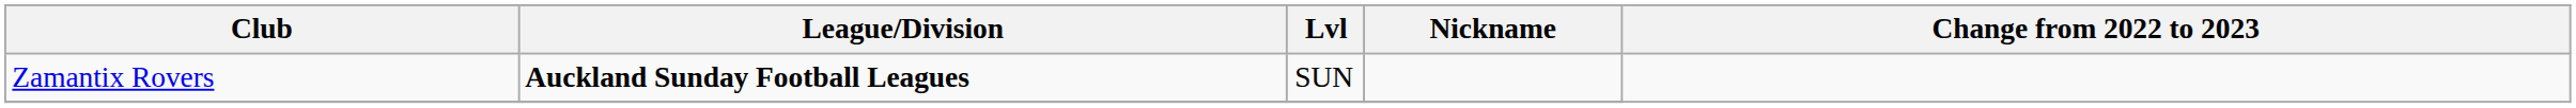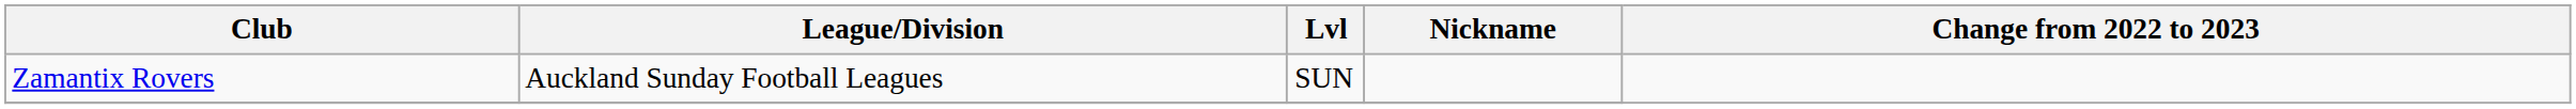 <table class="wikitable sortable" width=100% style="font-size:90%">
 <tr>
 <th width=20%>Club</th>
 <th width=30%>League/Division</th>
 <th width=3%>Lvl</th>
 <th width=10%>Nickname</th>
 <th width=37%>Change from 2022 to 2023</th>
 </tr>
 <tr>
 <td><a href='#'>Zamantix Rovers</a></td>
-<td><strong>Auckland Sunday Football Leagues</strong></td>
+<td>Auckland Sunday Football Leagues</td>
 <td>SUN</td>
 <td></td>
 </tr>
 <tr>
 </tr>
 </table>
